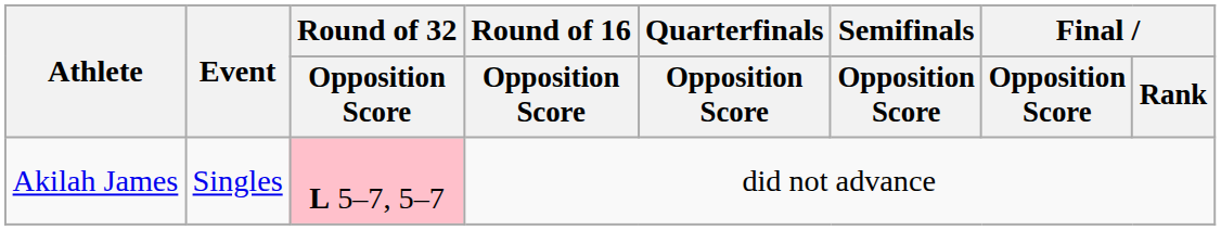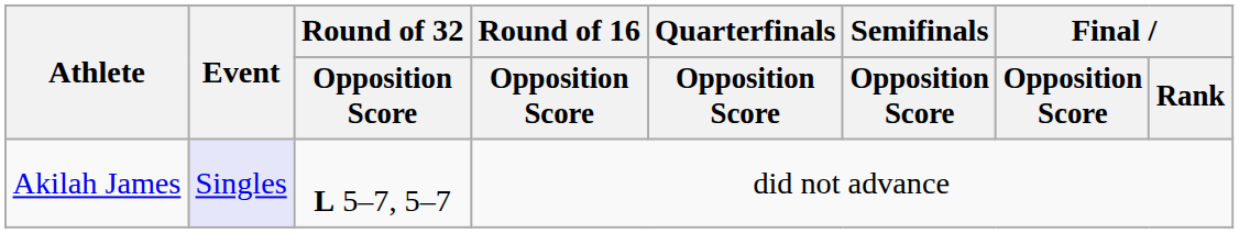 <table class=wikitable style="font-size:90%">
 <tr>
 <th rowspan="2">Athlete</th>
 <th rowspan="2">Event</th>
 <th>Round of 32</th>
 <th>Round of 16</th>
 <th>Quarterfinals</th>
 <th>Semifinals</th>
 <th colspan=2>Final / </th>
 </tr>
 <tr style="font-size:95%">
 <th>Opposition<br>Score</th>
 <th>Opposition<br>Score</th>
 <th>Opposition<br>Score</th>
 <th>Opposition<br>Score</th>
 <th>Opposition<br>Score</th>
 <th>Rank</th>
 </tr>
 <tr align=center>
 <td align=left><a href='#'>Akilah James</a></td>
-<td align=left><a href='#'>Singles</a></td>
-<td style="background: pink;"><br><strong>L</strong> 5–7, 5–7</td>
+<td align=left style="background: lavender;"><a href='#'>Singles</a></td>
+<td><br><strong>L</strong> 5–7, 5–7</td>
 <td align=center colspan=5>did not advance</td>
 </tr>
 </table>
